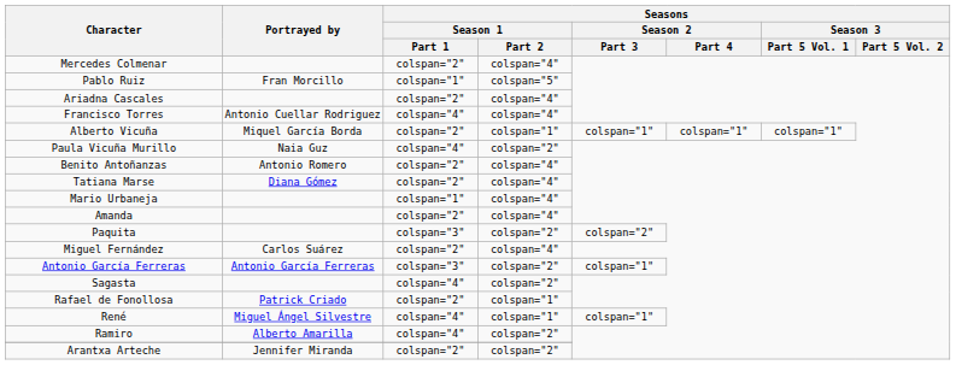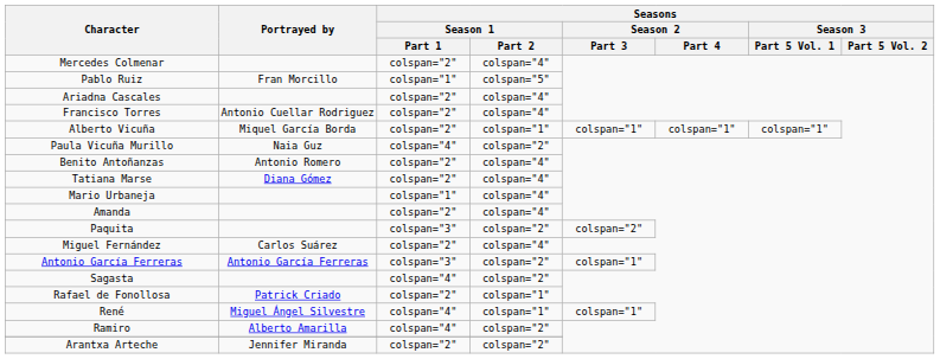 <table class="wikitable plainrowheaders" style="text-align:center;">
 <tr>
 <th scope="col" rowspan="3" style="width:23%;">Character</th>
 <th scope="col" rowspan="3" style="width:17%;">Portrayed by</th>
 <th scope="col" colspan="6" style="width:60%;">Seasons</th>
 </tr>
 <tr>
 <th scope="col" colspan="2" style="width:60%;">Season 1</th>
 <th scope="col" colspan="2" style="width:60%;">Season 2</th>
 <th scope="col" colspan="2" style="width:60%;">Season 3</th>
 </tr>
 <tr>
 <th scope="col" style="width:10%;">Part 1</th>
 <th scope="col" style="width:10%;">Part 2</th>
 <th scope="col" style="width:10%;">Part 3</th>
 <th scope="col" style="width:10%;">Part 4</th>
 <th scope="col" style="width:10%;">Part 5 Vol. 1</th>
 <th scope="col" style="width:10%;">Part 5 Vol. 2</th>
 </tr>
 <tr>
 <td scope="row">Mercedes Colmenar</td>
 <td></td>
 <td>colspan="2" </td>
 <td>colspan="4" </td>
 </tr>
 <tr>
 <td scope="row">Pablo Ruiz</td>
 <td>Fran Morcillo</td>
 <td>colspan="1" </td>
 <td>colspan="5" </td>
 </tr>
 <tr>
 <td scope="row">Ariadna Cascales</td>
 <td></td>
 <td>colspan="2" </td>
 <td>colspan="4" </td>
 </tr>
 <tr>
 <td scope="row">Francisco Torres</td>
 <td>Antonio Cuellar Rodriguez</td>
-<td>colspan="4" </td>
+<td>colspan="2" </td>
 <td>colspan="4" </td>
 </tr>
 <tr>
 <td scope="row">Alberto Vicuña</td>
 <td>Miquel García Borda</td>
 <td>colspan="2" </td>
 <td>colspan="1" </td>
 <td>colspan="1" </td>
 <td>colspan="1" </td>
 <td>colspan="1" </td>
 </tr>
 <tr>
 <td scope="row">Paula Vicuña Murillo</td>
 <td>Naia Guz</td>
 <td>colspan="4" </td>
 <td>colspan="2" </td>
 </tr>
 <tr>
 <td scope="row">Benito Antoñanzas</td>
 <td>Antonio Romero</td>
 <td>colspan="2" </td>
 <td>colspan="4" </td>
 </tr>
 <tr>
 <td scope="row">Tatiana Marse</td>
 <td><a href='#'>Diana Gómez</a></td>
 <td>colspan="2" </td>
 <td>colspan="4" </td>
 </tr>
 <tr>
 <td scope="row">Mario Urbaneja</td>
 <td></td>
 <td>colspan="1" </td>
 <td>colspan="4" </td>
 </tr>
 <tr>
 <td scope="row">Amanda</td>
 <td></td>
 <td>colspan="2" </td>
 <td>colspan="4" </td>
 </tr>
 <tr>
 <td scope="row">Paquita</td>
 <td></td>
 <td>colspan="3" </td>
 <td>colspan="2" </td>
 <td>colspan="2" </td>
 </tr>
 <tr>
 <td scope="row">Miguel Fernández</td>
 <td>Carlos Suárez</td>
 <td>colspan="2" </td>
 <td>colspan="4" </td>
 </tr>
 <tr>
 <td scope="row"><a href='#'>Antonio García Ferreras</a></td>
 <td><a href='#'>Antonio García Ferreras</a></td>
 <td>colspan="3" </td>
 <td>colspan="2" </td>
 <td>colspan="1" </td>
 </tr>
 <tr>
 <td scope="row">Sagasta</td>
 <td></td>
 <td>colspan="4" </td>
 <td>colspan="2" </td>
 </tr>
 <tr>
 <td scope="row">Rafael de Fonollosa</td>
 <td><a href='#'>Patrick Criado</a></td>
 <td>colspan="2" </td>
 <td>colspan="1" </td>
 </tr>
 <tr>
 <td scope="row">René</td>
 <td><a href='#'>Miguel Ángel Silvestre</a></td>
 <td>colspan="4" </td>
 <td>colspan="1" </td>
 <td>colspan="1" </td>
 </tr>
 <tr>
 <td scope="row">Ramiro</td>
 <td><a href='#'>Alberto Amarilla</a></td>
 <td>colspan="4" </td>
 <td>colspan="2" </td>
 </tr>
 <tr>
 </tr>
 <tr>
 <td scope="row">Arantxa Arteche</td>
 <td>Jennifer Miranda</td>
 <td>colspan="2" </td>
 <td>colspan="2" </td>
 </tr>
 </table>
